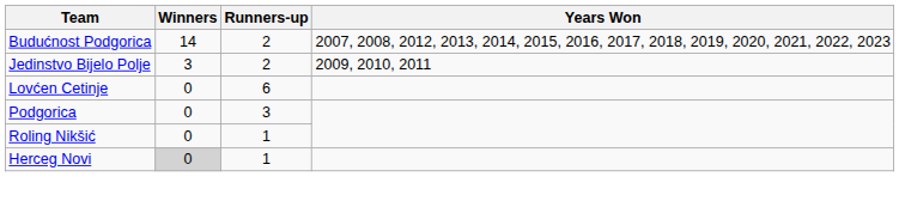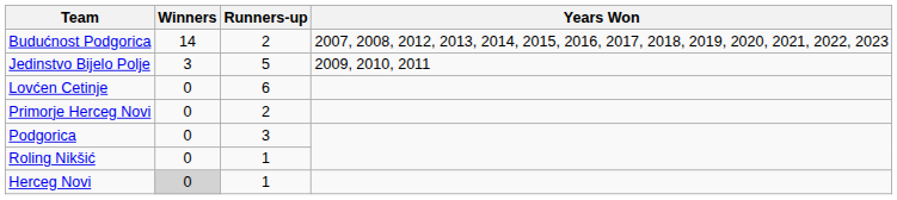 <table class="wikitable" style="font-size:90%">
 <tr>
 <th>Team</th>
 <th>Winners</th>
 <th>Runners-up</th>
 <th>Years Won</th>
 </tr>
 <tr>
 <td><a href='#'>Budućnost Podgorica</a></td>
 <td align="center">14</td>
 <td align="center">2</td>
 <td>2007, 2008, 2012, 2013, 2014, 2015, 2016, 2017, 2018, 2019, 2020, 2021, 2022, 2023</td>
 </tr>
 <tr>
 <td><a href='#'>Jedinstvo Bijelo Polje</a></td>
 <td align="center">3</td>
-<td align="center">2</td>
+<td align="center">5</td>
 <td>2009, 2010, 2011</td>
 </tr>
 <tr>
 <td><a href='#'>Lovćen Cetinje</a></td>
 <td align="center">0</td>
 <td align="center">6</td>
+<td></td>
+</tr>
+<tr>
+<td><a href='#'>Primorje Herceg Novi</a></td>
+<td align="center">0</td>
+<td align="center">2</td>
 <td></td>
 </tr>
 <tr>
 <td><a href='#'>Podgorica</a></td>
 <td align="center">0</td>
 <td align="center">3</td>
 </tr>
 <tr>
 <td><a href='#'>Roling Nikšić</a></td>
 <td align="center">0</td>
 <td align="center">1</td>
 </tr>
 <tr>
 <td><a href='#'>Herceg Novi</a></td>
 <td align="center" style="background: lightgrey;">0</td>
 <td align="center">1</td>
 <td></td>
 </tr>
 </table>
